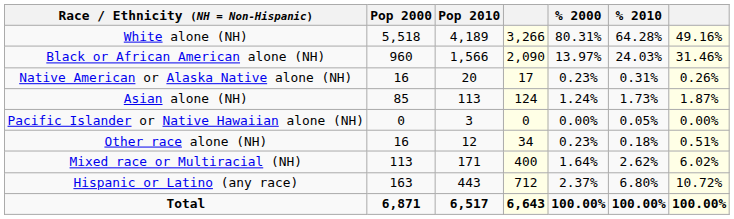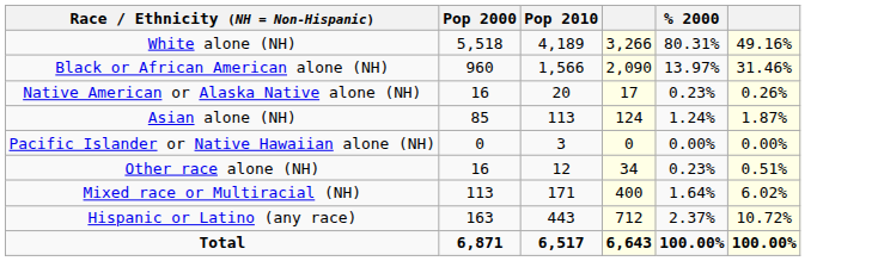 <table class="wikitable" style="text-align:center;">
 <tr>
 <th>Race / Ethnicity <small>(<em>NH = Non-Hispanic</em>)</small></th>
 <th>Pop 2000</th>
 <th>Pop 2010</th>
 <th></th>
 <th>% 2000</th>
-<th>% 2010</th>
 <th></th>
 </tr>
 <tr>
 <td><a href='#'>White</a> alone (NH)</td>
 <td>5,518</td>
 <td>4,189</td>
 <td style='background: #ffffe6;'>3,266</td>
 <td>80.31%</td>
-<td>64.28%</td>
 <td style='background: #ffffe6;'>49.16%</td>
 </tr>
 <tr>
 <td><a href='#'>Black or African American</a> alone (NH)</td>
 <td>960</td>
 <td>1,566</td>
 <td style='background: #ffffe6;'>2,090</td>
 <td>13.97%</td>
-<td>24.03%</td>
 <td style='background: #ffffe6;'>31.46%</td>
 </tr>
 <tr>
 <td><a href='#'>Native American</a> or <a href='#'>Alaska Native</a> alone (NH)</td>
 <td>16</td>
 <td>20</td>
 <td style='background: #ffffe6;'>17</td>
 <td>0.23%</td>
-<td>0.31%</td>
 <td style='background: #ffffe6;'>0.26%</td>
 </tr>
 <tr>
 <td><a href='#'>Asian</a> alone (NH)</td>
 <td>85</td>
 <td>113</td>
 <td style='background: #ffffe6;'>124</td>
 <td>1.24%</td>
-<td>1.73%</td>
 <td style='background: #ffffe6;'>1.87%</td>
 </tr>
 <tr>
 <td><a href='#'>Pacific Islander</a> or <a href='#'>Native Hawaiian</a> alone (NH)</td>
 <td>0</td>
 <td>3</td>
 <td style='background: #ffffe6;'>0</td>
 <td>0.00%</td>
-<td>0.05%</td>
 <td style='background: #ffffe6;'>0.00%</td>
 </tr>
 <tr>
 <td><a href='#'>Other race</a> alone (NH)</td>
 <td>16</td>
 <td>12</td>
 <td style='background: #ffffe6;'>34</td>
 <td>0.23%</td>
-<td>0.18%</td>
 <td style='background: #ffffe6;'>0.51%</td>
 </tr>
 <tr>
 <td><a href='#'>Mixed race or Multiracial</a> (NH)</td>
 <td>113</td>
 <td>171</td>
 <td style='background: #ffffe6;'>400</td>
 <td>1.64%</td>
-<td>2.62%</td>
 <td style='background: #ffffe6;'>6.02%</td>
 </tr>
 <tr>
 <td><a href='#'>Hispanic or Latino</a> (any race)</td>
 <td>163</td>
 <td>443</td>
 <td style='background: #ffffe6;'>712</td>
 <td>2.37%</td>
-<td>6.80%</td>
 <td style='background: #ffffe6;'>10.72%</td>
 </tr>
 <tr>
 <td><strong>Total</strong></td>
 <td><strong>6,871</strong></td>
 <td><strong>6,517</strong></td>
 <td style='background: #ffffe6;'><strong>6,643</strong></td>
 <td><strong>100.00%</strong></td>
-<td><strong>100.00%</strong></td>
 <td style='background: #ffffe6;'><strong>100.00%</strong></td>
 </tr>
 </table>
